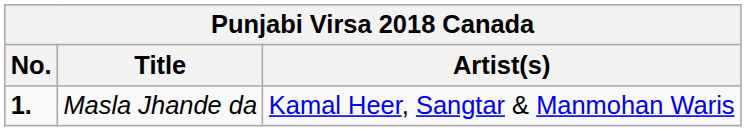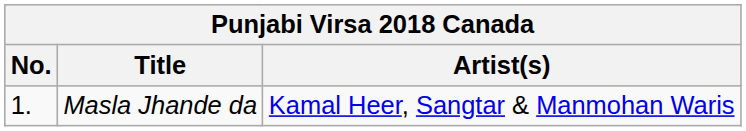 <table class="wikitable">
 <tr>
 <th colspan="3">Punjabi Virsa 2018 Canada</th>
 </tr>
 <tr>
 <th><abbr>No.</abbr></th>
 <th>Title</th>
 <th>Artist(s)</th>
 </tr>
 <tr>
-<td><strong>1.</strong></td>
+<td>1.</td>
 <td><em>Masla Jhande da</em></td>
 <td><a href='#'>Kamal Heer</a>, <a href='#'>Sangtar</a> & <a href='#'>Manmohan Waris</a></td>
 </tr>
 </table>
